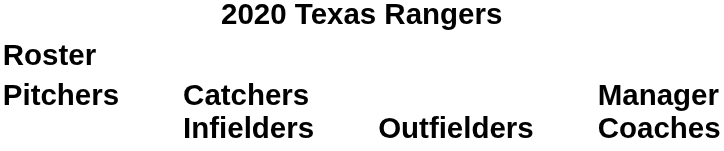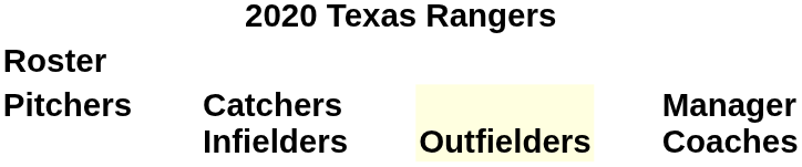 <table class="toccolours" style="font-size: 95%;">
 <tr>
 <th colspan="10">2020 Texas Rangers</th>
 </tr>
 <tr>
 <td colspan="10"><strong>Roster</strong></td>
 </tr>
 <tr>
 <td valign="top"><strong>Pitchers</strong><br>                        </td>
 <td style="width:25px;"></td>
 <td valign="top"><strong>Catchers</strong><br>    <strong>Infielders</strong>            </td>
 <td width="25px"></td>
-<td valign="top"><br><strong>Outfielders</strong>        </td>
+<td valign="top" style="background: lightyellow;"><br><strong>Outfielders</strong>        </td>
 <td style="width:25px;"></td>
 <td valign="top"><strong>Manager</strong><br> <strong>Coaches</strong>                  </td>
 </tr>
 </table>
